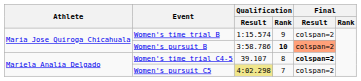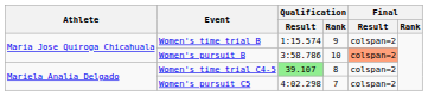 <table class=wikitable style="font-size:90%">
 <tr>
 <th rowspan="2">Athlete</th>
 <th rowspan="2">Event</th>
 <th colspan="2">Qualification</th>
 <th colspan="2">Final</th>
 </tr>
 <tr>
 <th>Result</th>
 <th>Rank</th>
 <th>Result</th>
 <th>Rank</th>
 </tr>
 <tr align=center>
 <td align=left rowspan=2><a href='#'>Maria Jose Quiroga Chicahuala</a></td>
 <td align=left><a href='#'>Women's time trial B</a></td>
 <td>1:15.574</td>
 <td>9</td>
 <td>colspan=2 </td>
 </tr>
 <tr align=center>
 <td align=left><a href='#'>Women's pursuit B</a></td>
 <td>3:58.786</td>
-<td><strong>10</strong></td>
+<td>10</td>
 <td style="background: lightsalmon;">colspan=2 </td>
 </tr>
 <tr align=center>
 <td align=left rowspan=2><a href='#'>Mariela Analia Delgado</a></td>
 <td align=left><a href='#'>Women's time trial C4-5</a></td>
-<td>39.107</td>
+<td style="background: lightgreen;">39.107</td>
 <td>8</td>
-<td><strong>colspan=2 </strong></td>
+<td>colspan=2 </td>
 </tr>
 <tr align=center>
 <td align=left><a href='#'>Women's pursuit C5</a></td>
-<td style="background: khaki;">4:02.298</td>
+<td>4:02.298</td>
 <td>7</td>
 <td>colspan=2 </td>
 </tr>
 </table>
